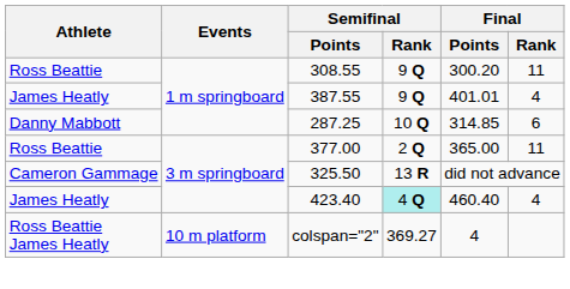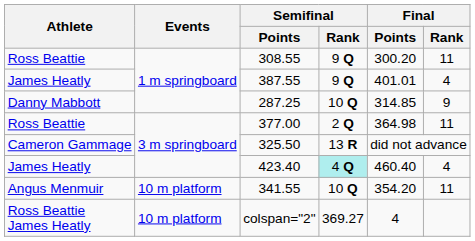 <table class=wikitable style="font-size:90%">
 <tr>
 <th rowspan="2">Athlete</th>
 <th rowspan="2">Events</th>
 <th colspan="2">Semifinal</th>
 <th colspan="2">Final</th>
 </tr>
 <tr>
 <th>Points</th>
 <th>Rank</th>
 <th>Points</th>
 <th>Rank</th>
 </tr>
 <tr align=center>
 <td align=left><a href='#'>Ross Beattie</a></td>
 <td align=left rowspan=3><a href='#'>1 m springboard</a></td>
 <td>308.55</td>
 <td>9 <strong>Q</strong></td>
 <td>300.20</td>
 <td>11</td>
 </tr>
 <tr align=center>
 <td align=left><a href='#'>James Heatly</a></td>
 <td>387.55</td>
 <td>9 <strong>Q</strong></td>
 <td>401.01</td>
 <td>4</td>
 </tr>
 <tr align=center>
 <td align=left><a href='#'>Danny Mabbott</a></td>
 <td>287.25</td>
 <td>10 <strong>Q</strong></td>
 <td>314.85</td>
-<td>6</td>
+<td>9</td>
 </tr>
 <tr align=center>
 <td align=left><a href='#'>Ross Beattie</a></td>
 <td align=left rowspan=3><a href='#'>3 m springboard</a></td>
 <td>377.00</td>
 <td>2 <strong>Q</strong></td>
-<td>365.00</td>
+<td>364.98</td>
 <td>11</td>
 </tr>
 <tr align=center>
 <td align=left><a href='#'>Cameron Gammage</a></td>
 <td>325.50</td>
 <td>13 <strong>R</strong></td>
 <td colspan="2">did not advance</td>
 </tr>
 <tr align=center>
 <td align=left><a href='#'>James Heatly</a></td>
 <td>423.40</td>
 <td style="background: paleturquoise;">4 <strong>Q</strong></td>
 <td>460.40</td>
 <td>4</td>
 </tr>
 <tr align=center>
+<td align=left><a href='#'>Angus Menmuir</a></td>
+<td align=left><a href='#'>10 m platform</a></td>
+<td>341.55</td>
+<td>10 <strong>Q</strong></td>
+<td>354.20</td>
+<td>11</td>
+</tr>
+<tr align=center>
 <td align=left><a href='#'>Ross Beattie</a><br><a href='#'>James Heatly</a></td>
 <td align=left><a href='#'>10 m platform</a></td>
 <td>colspan="2" </td>
 <td>369.27</td>
 <td>4</td>
 </tr>
 </table>
